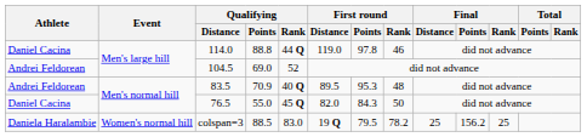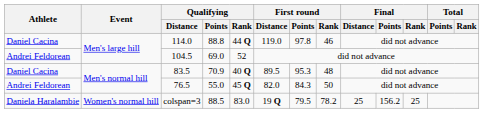 <table class=wikitable style=font-size:90%;text-align:center>
 <tr>
 <th rowspan=2>Athlete</th>
 <th rowspan=2>Event</th>
 <th colspan=3>Qualifying</th>
 <th colspan=3>First round</th>
 <th colspan=3>Final</th>
 <th colspan=2>Total</th>
 </tr>
 <tr style="font-size:95%">
 <th>Distance</th>
 <th>Points</th>
 <th>Rank</th>
 <th>Distance</th>
 <th>Points</th>
 <th>Rank</th>
 <th>Distance</th>
 <th>Points</th>
 <th>Rank</th>
 <th>Points</th>
 <th>Rank</th>
 </tr>
 <tr>
 <td align=left><a href='#'>Daniel Cacina</a></td>
 <td align=left rowspan=2><a href='#'>Men's large hill</a></td>
 <td>114.0</td>
 <td>88.8</td>
 <td>44 <strong>Q</strong></td>
 <td>119.0</td>
 <td>97.8</td>
 <td>46</td>
 <td colspan=5>did not advance</td>
 </tr>
 <tr>
 <td align=left><a href='#'>Andrei Feldorean</a></td>
 <td>104.5</td>
 <td>69.0</td>
 <td>52</td>
 <td colspan=8>did not advance</td>
 </tr>
 <tr>
-<td align=left><a href='#'>Andrei Feldorean</a></td>
+<td align=left><a href='#'>Daniel Cacina</a></td>
 <td align=left rowspan=2><a href='#'>Men's normal hill</a></td>
 <td>83.5</td>
 <td>70.9</td>
 <td>40 <strong>Q</strong></td>
 <td>89.5</td>
 <td>95.3</td>
 <td>48</td>
 <td colspan=5>did not advance</td>
 </tr>
 <tr>
-<td align=left><a href='#'>Daniel Cacina</a></td>
+<td align=left><a href='#'>Andrei Feldorean</a></td>
 <td>76.5</td>
 <td>55.0</td>
 <td>45 <strong>Q</strong></td>
 <td>82.0</td>
 <td>84.3</td>
 <td>50</td>
 <td colspan=5>did not advance</td>
 </tr>
 <tr>
 <td align=left><a href='#'>Daniela Haralambie</a></td>
 <td align=left><a href='#'>Women's normal hill</a></td>
 <td>colspan=3 </td>
 <td>88.5</td>
 <td>83.0</td>
 <td>19 <strong>Q</strong></td>
 <td>79.5</td>
 <td>78.2</td>
 <td>25</td>
 <td>156.2</td>
 <td>25</td>
 </tr>
 </table>
